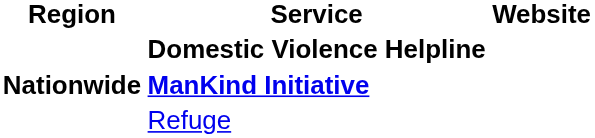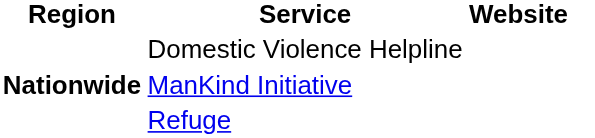 <table>
 <tr>
 <th>Region</th>
 <th>Service</th>
 <th>Website</th>
 </tr>
 <tr>
 <th rowspan="3">Nationwide</th>
-<td><strong>Domestic Violence Helpline</strong></td>
+<td>Domestic Violence Helpline</td>
 <td></td>
 </tr>
 <tr>
-<td><strong><a href='#'>ManKind Initiative</a></strong></td>
+<td><a href='#'>ManKind Initiative</a></td>
 <td></td>
 </tr>
 <tr>
 <td><a href='#'>Refuge</a></td>
 <td></td>
 </tr>
 </table>
